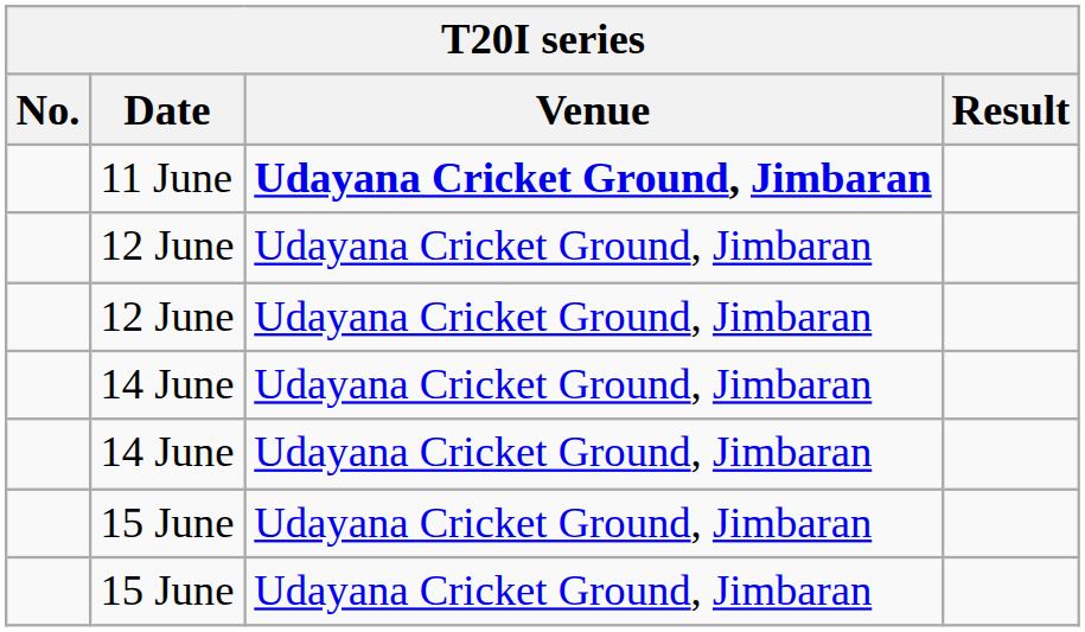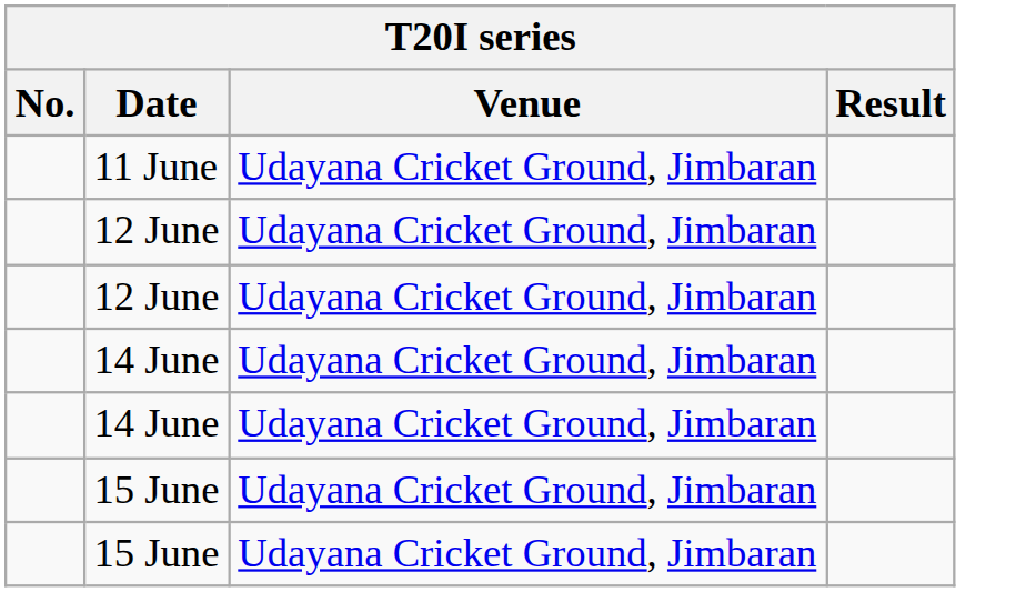 <table class="wikitable">
 <tr>
 <th colspan="6">T20I series</th>
 </tr>
 <tr>
 <th>No.</th>
 <th>Date</th>
 <th>Venue</th>
 <th>Result</th>
 </tr>
 <tr>
 <td></td>
 <td>11 June</td>
-<td><strong><a href='#'>Udayana Cricket Ground</a>, <a href='#'>Jimbaran</a></strong></td>
+<td><a href='#'>Udayana Cricket Ground</a>, <a href='#'>Jimbaran</a></td>
 <td></td>
 </tr>
 <tr>
 <td></td>
 <td>12 June</td>
 <td><a href='#'>Udayana Cricket Ground</a>, <a href='#'>Jimbaran</a></td>
 <td></td>
 </tr>
 <tr>
 <td></td>
 <td>12 June</td>
 <td><a href='#'>Udayana Cricket Ground</a>, <a href='#'>Jimbaran</a></td>
 <td></td>
 </tr>
 <tr>
 <td></td>
 <td>14 June</td>
 <td><a href='#'>Udayana Cricket Ground</a>, <a href='#'>Jimbaran</a></td>
 <td></td>
 </tr>
 <tr>
 <td></td>
 <td>14 June</td>
 <td><a href='#'>Udayana Cricket Ground</a>, <a href='#'>Jimbaran</a></td>
 <td></td>
 </tr>
 <tr>
 <td></td>
 <td>15 June</td>
 <td><a href='#'>Udayana Cricket Ground</a>, <a href='#'>Jimbaran</a></td>
 <td></td>
 </tr>
 <tr>
 <td></td>
 <td>15 June</td>
 <td><a href='#'>Udayana Cricket Ground</a>, <a href='#'>Jimbaran</a></td>
 <td></td>
 </tr>
 </table>
